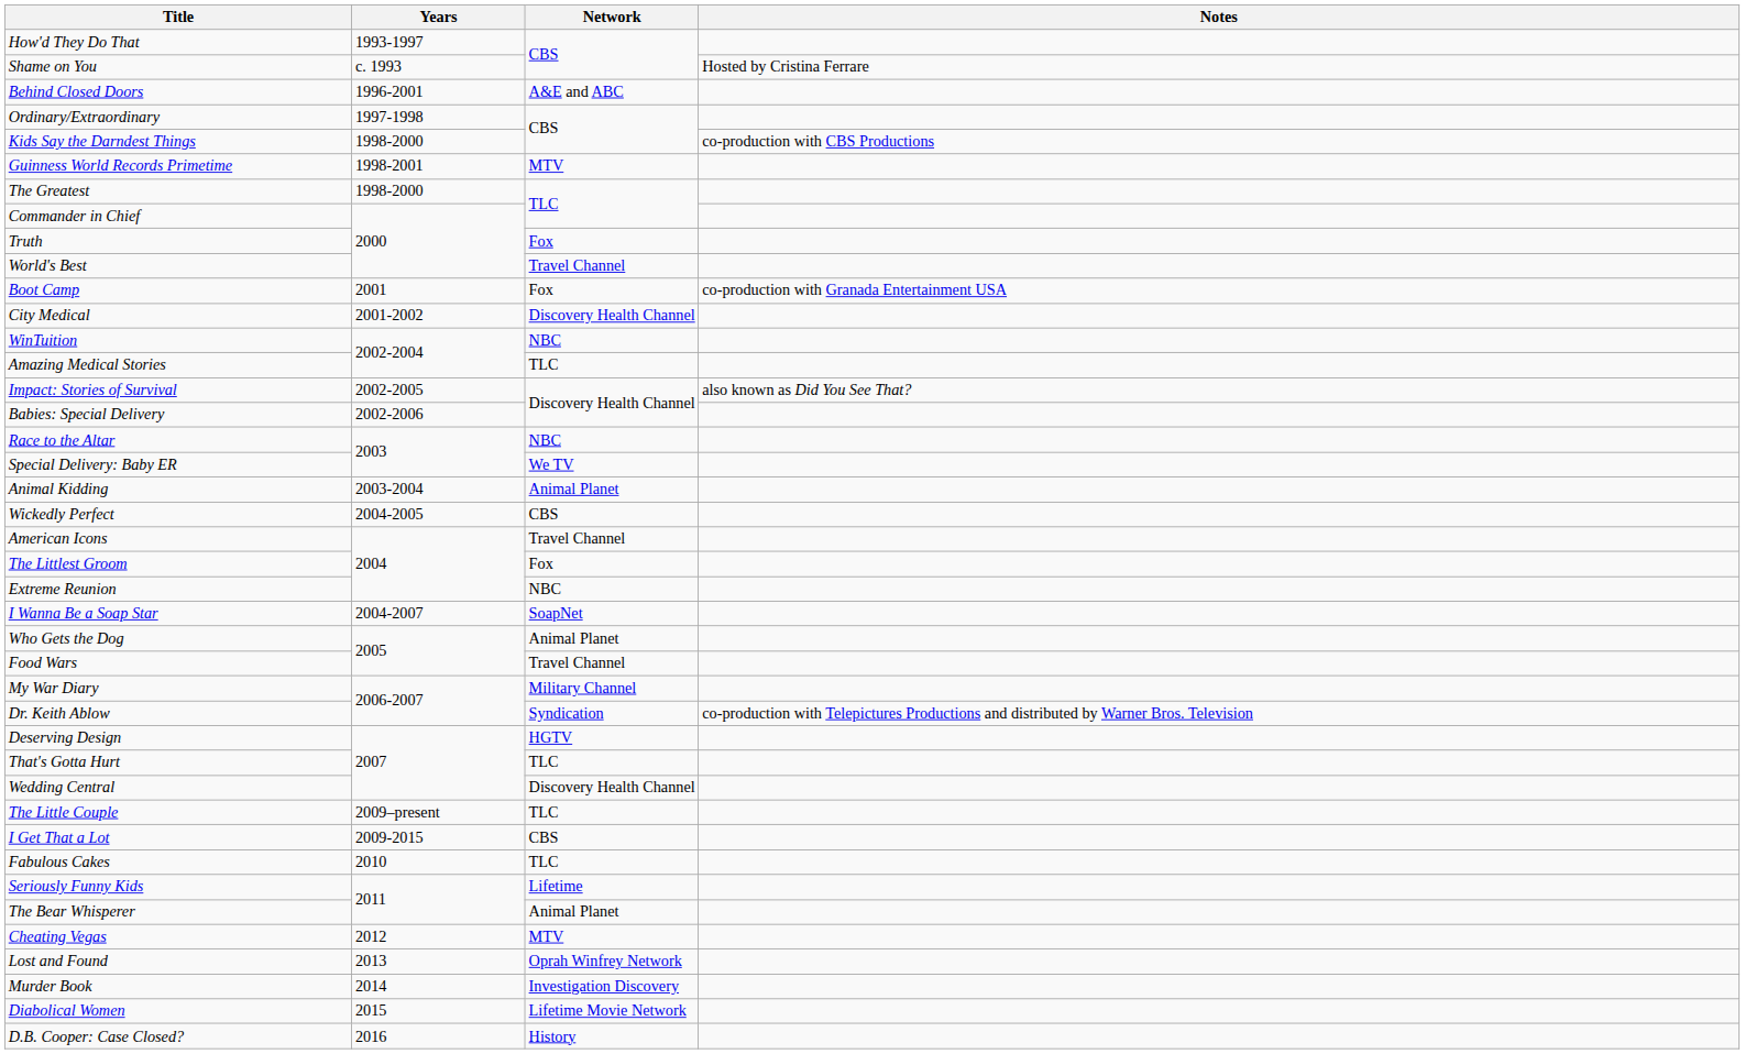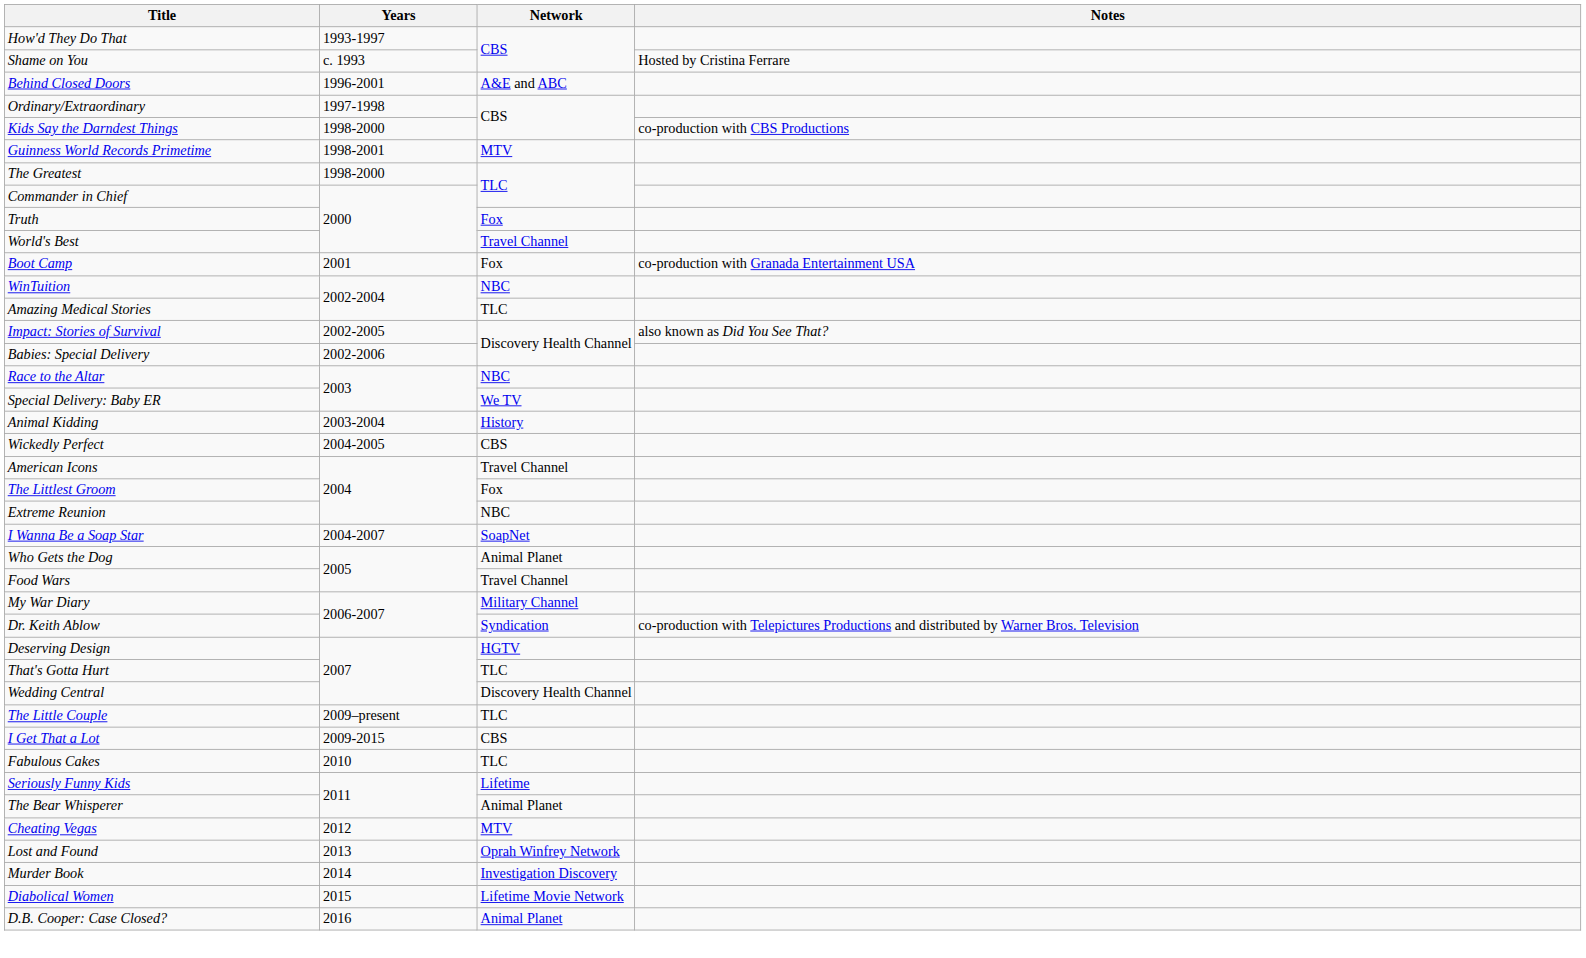 <table class="wikitable sortable">
 <tr>
 <th style="width:20%;">Title</th>
 <th style="width:10%;">Years</th>
 <th style="width:10%;">Network</th>
 <th style="width:60%;'">Notes</th>
 </tr>
 <tr>
 <td><em>How'd They Do That</em></td>
 <td>1993-1997</td>
 <td rowspan="2"><a href='#'>CBS</a></td>
 <td></td>
 </tr>
 <tr>
 <td><em>Shame on You</em></td>
 <td>c. 1993</td>
 <td>Hosted by Cristina Ferrare</td>
 </tr>
 <tr>
 <td><em><a href='#'>Behind Closed Doors</a></em></td>
 <td>1996-2001</td>
 <td><a href='#'>A&E</a> and <a href='#'>ABC</a></td>
 <td></td>
 </tr>
 <tr>
 <td><em>Ordinary/Extraordinary</em></td>
 <td>1997-1998</td>
 <td rowspan="2">CBS</td>
 <td></td>
 </tr>
 <tr>
 <td><em><a href='#'>Kids Say the Darndest Things</a></em></td>
 <td>1998-2000</td>
 <td>co-production with <a href='#'>CBS Productions</a></td>
 </tr>
 <tr>
 <td><em><a href='#'>Guinness World Records Primetime</a></em></td>
 <td>1998-2001</td>
 <td><a href='#'>MTV</a></td>
 <td></td>
 </tr>
 <tr>
 <td><em>The Greatest</em></td>
 <td>1998-2000</td>
 <td rowspan="2"><a href='#'>TLC</a></td>
 <td></td>
 </tr>
 <tr>
 <td><em>Commander in Chief</em></td>
 <td rowspan="3">2000</td>
 <td></td>
 </tr>
 <tr>
 <td><em>Truth</em></td>
 <td><a href='#'>Fox</a></td>
 <td></td>
 </tr>
 <tr>
 <td><em>World's Best</em></td>
 <td><a href='#'>Travel Channel</a></td>
 <td></td>
 </tr>
 <tr>
 <td><em><a href='#'>Boot Camp</a></em></td>
 <td>2001</td>
 <td>Fox</td>
 <td>co-production with <a href='#'>Granada Entertainment USA</a></td>
 </tr>
 <tr>
-<td><em>City Medical</em></td>
-<td>2001-2002</td>
-<td><a href='#'>Discovery Health Channel</a></td>
-<td></td>
-</tr>
-<tr>
 <td><em><a href='#'>WinTuition</a></em></td>
 <td rowspan="2">2002-2004</td>
 <td><a href='#'>NBC</a></td>
 <td></td>
 </tr>
 <tr>
 <td><em>Amazing Medical Stories</em></td>
 <td>TLC</td>
 <td></td>
 </tr>
 <tr>
 <td><em><a href='#'>Impact: Stories of Survival</a></em></td>
 <td>2002-2005</td>
 <td rowspan="2">Discovery Health Channel</td>
 <td>also known as <em>Did You See That?</em></td>
 </tr>
 <tr>
 <td><em>Babies: Special Delivery</em></td>
 <td>2002-2006</td>
 <td></td>
 </tr>
 <tr>
 <td><em><a href='#'>Race to the Altar</a></em></td>
 <td rowspan="2">2003</td>
 <td><a href='#'>NBC</a></td>
 <td></td>
 </tr>
 <tr>
 <td><em>Special Delivery: Baby ER</em></td>
 <td><a href='#'>We TV</a></td>
 <td></td>
 </tr>
 <tr>
 <td><em>Animal Kidding</em></td>
 <td>2003-2004</td>
-<td><a href='#'>Animal Planet</a></td>
+<td><a href='#'>History</a></td>
 <td></td>
 </tr>
 <tr>
 <td><em>Wickedly Perfect</em></td>
 <td>2004-2005</td>
 <td>CBS</td>
 <td></td>
 </tr>
 <tr>
 <td><em>American Icons</em></td>
 <td rowspan="3">2004</td>
 <td>Travel Channel</td>
 <td></td>
 </tr>
 <tr>
 <td><em><a href='#'>The Littlest Groom</a></em></td>
 <td>Fox</td>
 <td></td>
 </tr>
 <tr>
 <td><em>Extreme Reunion</em></td>
 <td>NBC</td>
 <td></td>
 </tr>
 <tr>
 <td><em><a href='#'>I Wanna Be a Soap Star</a></em></td>
 <td>2004-2007</td>
 <td><a href='#'>SoapNet</a></td>
 <td></td>
 </tr>
 <tr>
 <td><em>Who Gets the Dog</em></td>
 <td rowspan="2">2005</td>
 <td>Animal Planet</td>
 <td></td>
 </tr>
 <tr>
 <td><em>Food Wars</em></td>
 <td>Travel Channel</td>
 <td></td>
 </tr>
 <tr>
 <td><em>My War Diary</em></td>
 <td rowspan="2">2006-2007</td>
 <td><a href='#'>Military Channel</a></td>
 <td></td>
 </tr>
 <tr>
 <td><em>Dr. Keith Ablow</em></td>
 <td><a href='#'>Syndication</a></td>
 <td>co-production with <a href='#'>Telepictures Productions</a> and distributed by <a href='#'>Warner Bros. Television</a></td>
 </tr>
 <tr>
 <td><em>Deserving Design</em></td>
 <td rowspan="3">2007</td>
 <td><a href='#'>HGTV</a></td>
 <td></td>
 </tr>
 <tr>
 <td><em>That's Gotta Hurt</em></td>
 <td>TLC</td>
 <td></td>
 </tr>
 <tr>
 <td><em>Wedding Central</em></td>
 <td>Discovery Health Channel</td>
 <td></td>
 </tr>
 <tr>
 <td><em><a href='#'>The Little Couple</a></em></td>
 <td>2009–present</td>
 <td>TLC</td>
 <td></td>
 </tr>
 <tr>
 <td><em><a href='#'>I Get That a Lot</a></em></td>
 <td>2009-2015</td>
 <td>CBS</td>
 <td></td>
 </tr>
 <tr>
 <td><em>Fabulous Cakes</em></td>
 <td>2010</td>
 <td>TLC</td>
 <td></td>
 </tr>
 <tr>
 <td><em><a href='#'>Seriously Funny Kids</a></em></td>
 <td rowspan="2">2011</td>
 <td><a href='#'>Lifetime</a></td>
 <td></td>
 </tr>
 <tr>
 <td><em>The Bear Whisperer</em></td>
 <td>Animal Planet</td>
 <td></td>
 </tr>
 <tr>
 <td><em><a href='#'>Cheating Vegas</a></em></td>
 <td>2012</td>
 <td><a href='#'>MTV</a></td>
 <td></td>
 </tr>
 <tr>
 <td><em>Lost and Found</em></td>
 <td>2013</td>
 <td><a href='#'>Oprah Winfrey Network</a></td>
 <td></td>
 </tr>
 <tr>
 <td><em>Murder Book</em></td>
 <td>2014</td>
 <td><a href='#'>Investigation Discovery</a></td>
 <td></td>
 </tr>
 <tr>
 <td><em><a href='#'>Diabolical Women</a></em></td>
 <td>2015</td>
 <td><a href='#'>Lifetime Movie Network</a></td>
 <td></td>
 </tr>
 <tr>
 <td><em>D.B. Cooper: Case Closed?</em></td>
 <td>2016</td>
-<td><a href='#'>History</a></td>
+<td><a href='#'>Animal Planet</a></td>
 <td></td>
 </tr>
 </table>
